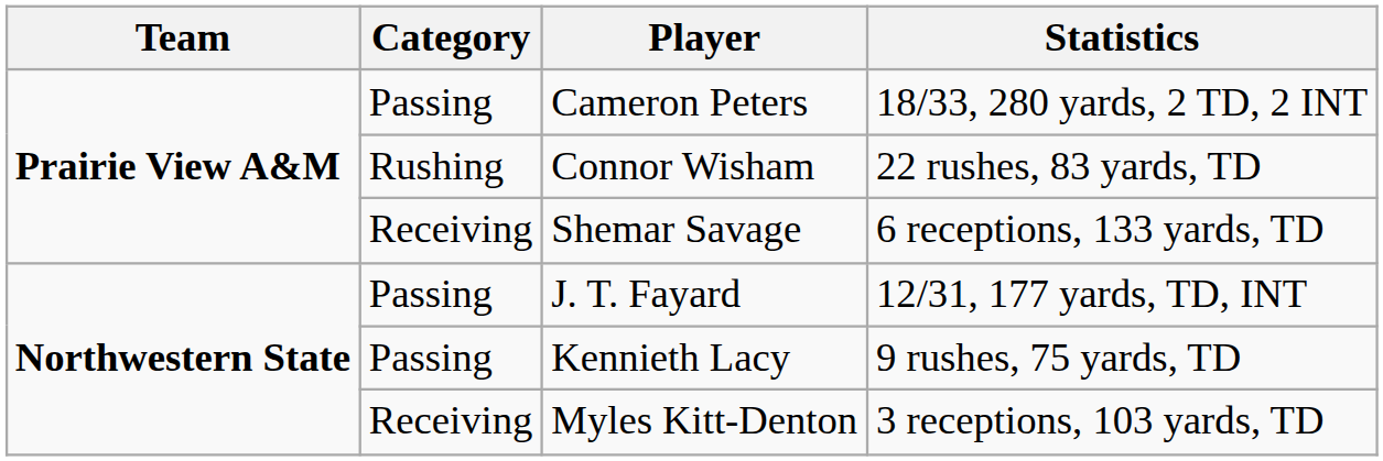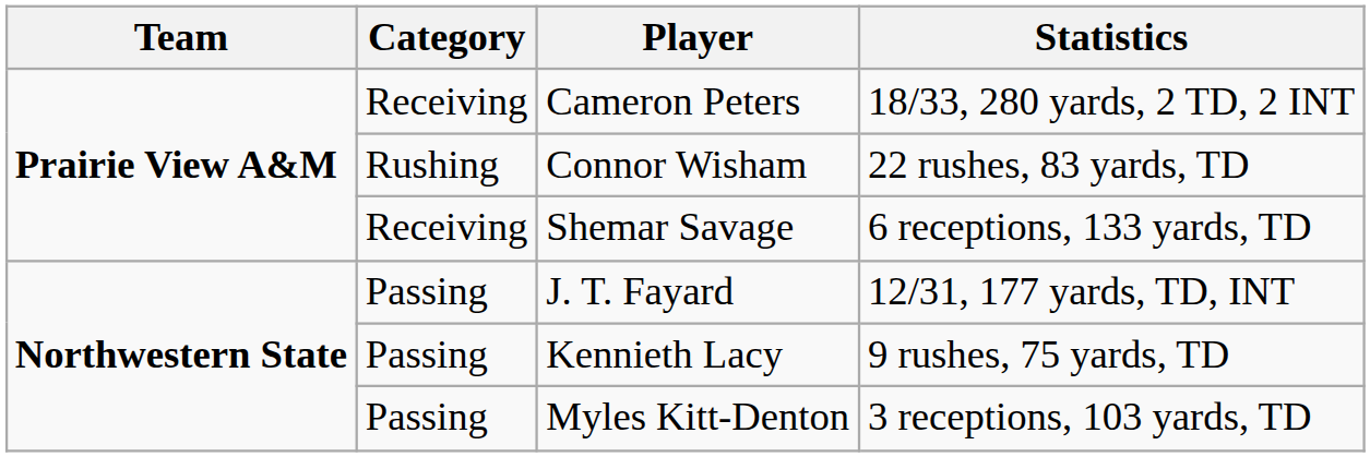 <table class="wikitable" style="float: right;">
 <tr>
 <th>Team</th>
 <th>Category</th>
 <th>Player</th>
 <th>Statistics</th>
 </tr>
 <tr>
 <td rowspan=3><strong>Prairie View A&M</strong></td>
-<td>Passing</td>
+<td>Receiving</td>
 <td>Cameron Peters</td>
 <td>18/33, 280 yards, 2 TD, 2 INT</td>
 </tr>
 <tr>
 <td>Rushing</td>
 <td>Connor Wisham</td>
 <td>22 rushes, 83 yards, TD</td>
 </tr>
 <tr>
 <td>Receiving</td>
 <td>Shemar Savage</td>
 <td>6 receptions, 133 yards, TD</td>
 </tr>
 <tr>
 <td rowspan=3><strong>Northwestern State</strong></td>
 <td>Passing</td>
 <td>J. T. Fayard</td>
 <td>12/31, 177 yards, TD, INT</td>
 </tr>
 <tr>
 <td>Passing</td>
 <td>Kennieth Lacy</td>
 <td>9 rushes, 75 yards, TD</td>
 </tr>
 <tr>
-<td>Receiving</td>
+<td>Passing</td>
 <td>Myles Kitt-Denton</td>
 <td>3 receptions, 103 yards, TD</td>
 </tr>
 </table>
